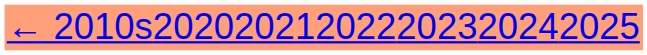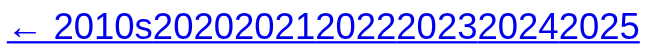 <table id=toc class=toc summary=Contents>
 <tr>
 <th></th>
 </tr>
 <tr>
-<td {{hlist style="background: lightsalmon;"><a href='#'>← 2010s</a><a href='#'>2020</a><a href='#'>2021</a><a href='#'>2022</a><a href='#'>2023</a><a href='#'>2024</a><a href='#'>2025</a></td>
+<td {{hlist><a href='#'>← 2010s</a><a href='#'>2020</a><a href='#'>2021</a><a href='#'>2022</a><a href='#'>2023</a><a href='#'>2024</a><a href='#'>2025</a></td>
 </tr>
 </table>
